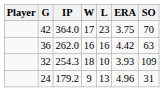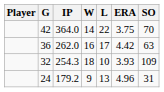 <table class="wikitable sortable" style="text-align:center;">
 <tr>
 <th>Player</th>
 <th>G</th>
 <th>IP</th>
 <th>W</th>
 <th>L</th>
 <th>ERA</th>
 <th>SO</th>
 </tr>
 <tr>
 <td></td>
 <td>42</td>
 <td>364.0</td>
-<td>17</td>
-<td>23</td>
+<td>14</td>
+<td>22</td>
 <td>3.75</td>
 <td>70</td>
 </tr>
 <tr>
 <td></td>
 <td>36</td>
 <td>262.0</td>
 <td>16</td>
-<td>16</td>
+<td>17</td>
 <td>4.42</td>
 <td>63</td>
 </tr>
 <tr>
 <td></td>
 <td>32</td>
 <td>254.3</td>
 <td>18</td>
 <td>10</td>
 <td>3.93</td>
 <td>109</td>
 </tr>
 <tr>
 <td></td>
 <td>24</td>
 <td>179.2</td>
 <td>9</td>
 <td>13</td>
 <td>4.96</td>
 <td>31</td>
 </tr>
 </table>
